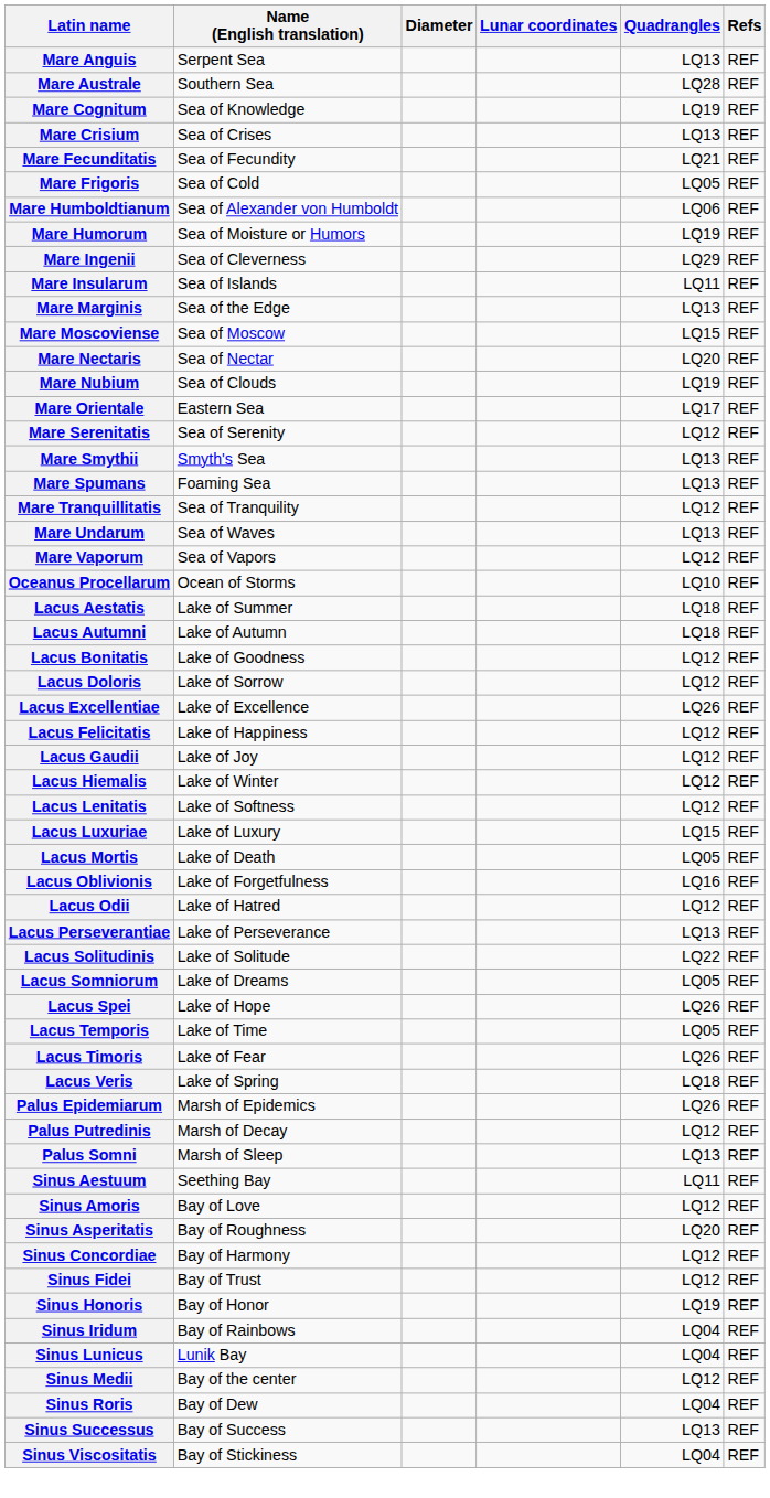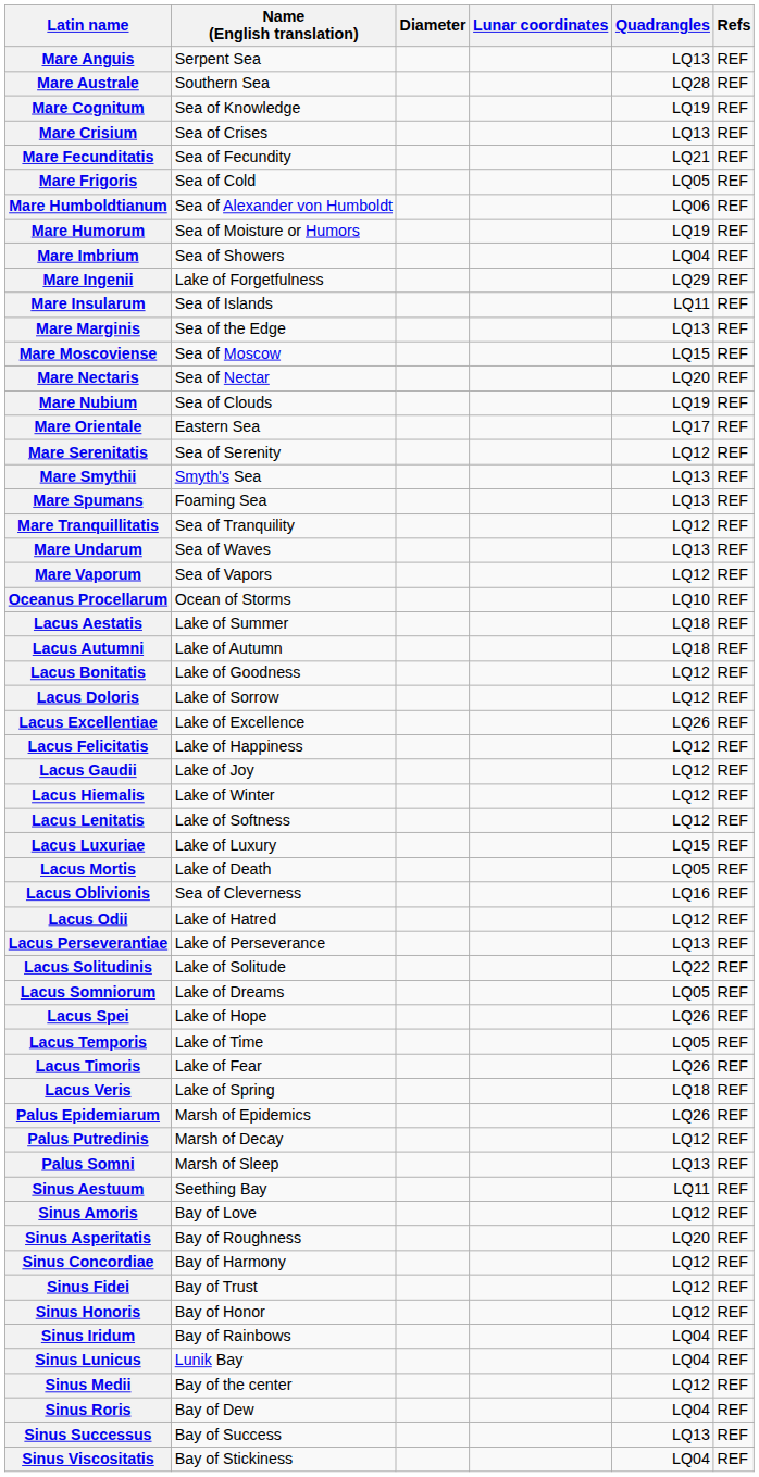 <table class="wikitable sortable" id="Table of Lunar maria & oceanus" caption="Tabulated list of ">
 <tr>
 <th scope="col"><a href='#'>Latin name</a></th>
 <th scope="col">Name<br>(English translation)</th>
 <th scope="col">Diameter</th>
 <th scope="col" class="unsortable"><a href='#'>Lunar coordinates</a></th>
 <th scope="col" style="width: 50px;"><a href='#'>Quadrangles</a></th>
 <th scope="col" class="unsortable">Refs</th>
 </tr>
 <tr>
 <th scope="row" align="left"><a href='#'>Mare Anguis</a></th>
 <td>Serpent Sea</td>
 <td align=right></td>
 <td align=right></td>
 <td data-sort-value="13" align=right>LQ13</td>
 <td align=left>REF</td>
 </tr>
 <tr>
 <th scope="row" align="left"><a href='#'>Mare Australe</a></th>
 <td>Southern Sea</td>
 <td align=right></td>
 <td align=right></td>
 <td data-sort-value="28" align=right>LQ28</td>
 <td align=left>REF</td>
 </tr>
 <tr>
 <th scope="row" align="left"><a href='#'>Mare Cognitum</a></th>
 <td>Sea of Knowledge</td>
 <td align=right></td>
 <td align=right></td>
 <td data-sort-value="19" align=right>LQ19</td>
 <td align=left>REF</td>
 </tr>
 <tr>
 <th scope="row" align="left"><a href='#'>Mare Crisium</a></th>
 <td>Sea of Crises</td>
 <td align=right></td>
 <td align=right></td>
 <td data-sort-value="13" align=right>LQ13</td>
 <td align=left>REF</td>
 </tr>
 <tr>
 <th scope="row" align="left"><a href='#'>Mare Fecunditatis</a></th>
 <td>Sea of Fecundity</td>
 <td align=right></td>
 <td align=right></td>
 <td data-sort-value="21" align=right>LQ21</td>
 <td align=left>REF</td>
 </tr>
 <tr>
 <th scope="row" align="left"><a href='#'>Mare Frigoris</a></th>
 <td>Sea of Cold</td>
 <td align=right></td>
 <td align=right></td>
 <td data-sort-value="05" align=right>LQ05</td>
 <td align=left>REF</td>
 </tr>
 <tr>
 <th scope="row" align="left"><a href='#'>Mare Humboldtianum</a></th>
 <td>Sea of <a href='#'>Alexander von Humboldt</a></td>
 <td align=right></td>
 <td align=right></td>
 <td data-sort-value="06" align=right>LQ06</td>
 <td align=left>REF</td>
 </tr>
 <tr>
 <th scope="row" align="left"><a href='#'>Mare Humorum</a></th>
 <td>Sea of Moisture or <a href='#'>Humors</a></td>
 <td align=right></td>
 <td align=right></td>
 <td data-sort-value="19" align=right>LQ19</td>
 <td align=left>REF</td>
 </tr>
 <tr>
+<th scope="row" align="left"><a href='#'>Mare Imbrium</a></th>
+<td>Sea of Showers</td>
+<td align=right></td>
+<td align=right></td>
+<td data-sort-value="04" align=right>LQ04</td>
+<td align=left>REF</td>
+</tr>
+<tr>
 <th scope="row" align="left"><a href='#'>Mare Ingenii</a></th>
-<td>Sea of Cleverness</td>
+<td>Lake of Forgetfulness</td>
 <td align=right></td>
 <td align=right></td>
 <td data-sort-value="29" align=right>LQ29</td>
 <td align=left>REF</td>
 </tr>
 <tr>
 <th scope="row" align="left"><a href='#'>Mare Insularum</a></th>
 <td>Sea of Islands</td>
 <td align=right></td>
 <td align=right></td>
 <td data-sort-value="11" align=right>LQ11</td>
 <td align=left>REF</td>
 </tr>
 <tr>
 <th scope="row" align="left"><a href='#'>Mare Marginis</a></th>
 <td>Sea of the Edge</td>
 <td align=right></td>
 <td align=right></td>
 <td data-sort-value="13" align=right>LQ13</td>
 <td align=left>REF</td>
 </tr>
 <tr>
 <th scope="row" align="left"><a href='#'>Mare Moscoviense</a></th>
 <td>Sea of <a href='#'>Moscow</a></td>
 <td align=right></td>
 <td align=right></td>
 <td data-sort-value="15" align=right>LQ15</td>
 <td align=left>REF</td>
 </tr>
 <tr>
 <th scope="row" align="left"><a href='#'>Mare Nectaris</a></th>
 <td>Sea of <a href='#'>Nectar</a></td>
 <td align=right></td>
 <td align=right></td>
 <td data-sort-value="20" align=right>LQ20</td>
 <td align=left>REF</td>
 </tr>
 <tr>
 <th scope="row" align="left"><a href='#'>Mare Nubium</a></th>
 <td>Sea of Clouds</td>
 <td align=right></td>
 <td align=right></td>
 <td data-sort-value="19" align=right>LQ19</td>
 <td align=left>REF</td>
 </tr>
 <tr>
 <th scope="row" align="left"><a href='#'>Mare Orientale</a></th>
 <td>Eastern Sea</td>
 <td align=right></td>
 <td align=right></td>
 <td data-sort-value="17" align=right>LQ17</td>
 <td align=left>REF</td>
 </tr>
 <tr>
 <th scope="row" align="left"><a href='#'>Mare Serenitatis</a></th>
 <td>Sea of Serenity</td>
 <td align=right></td>
 <td align=right></td>
 <td data-sort-value="12" align=right>LQ12</td>
 <td align=left>REF</td>
 </tr>
 <tr>
 <th scope="row" align="left"><a href='#'>Mare Smythii</a></th>
 <td><a href='#'>Smyth's</a> Sea</td>
 <td align=right></td>
 <td align=right></td>
 <td data-sort-value="13" align=right>LQ13</td>
 <td align=left>REF</td>
 </tr>
 <tr>
 <th scope="row" align="left"><a href='#'>Mare Spumans</a></th>
 <td>Foaming Sea</td>
 <td align=right></td>
 <td align=right></td>
 <td data-sort-value="13" align=right>LQ13</td>
 <td align=left>REF</td>
 </tr>
 <tr>
 <th scope="row" align="left"><a href='#'>Mare Tranquillitatis</a></th>
 <td>Sea of Tranquility</td>
 <td align=right></td>
 <td align=right></td>
 <td data-sort-value="12" align=right>LQ12</td>
 <td align=left>REF</td>
 </tr>
 <tr>
 <th scope="row" align="left"><a href='#'>Mare Undarum</a></th>
 <td>Sea of Waves</td>
 <td align=right></td>
 <td align=right></td>
 <td data-sort-value="13" align=right>LQ13</td>
 <td align=left>REF</td>
 </tr>
 <tr>
 <th scope="row" align="left"><a href='#'>Mare Vaporum</a></th>
 <td>Sea of Vapors</td>
 <td align=right></td>
 <td align=right></td>
 <td data-sort-value="12" align=right>LQ12</td>
 <td align=left>REF</td>
 </tr>
 <tr>
 <th scope="row" align="left"><a href='#'>Oceanus Procellarum</a></th>
 <td>Ocean of Storms</td>
 <td align=right></td>
 <td align=right></td>
 <td data-sort-value="10" align=right>LQ10</td>
 <td align=left>REF</td>
 </tr>
 <tr>
 <th scope="row" align="left"><a href='#'>Lacus Aestatis</a></th>
 <td>Lake of Summer</td>
 <td align=right></td>
 <td align=right></td>
 <td data-sort-value="18" align=right>LQ18</td>
 <td align=left>REF</td>
 </tr>
 <tr>
 <th scope="row" align="left"><a href='#'>Lacus Autumni</a></th>
 <td>Lake of Autumn</td>
 <td align=right></td>
 <td align=right></td>
 <td data-sort-value="18" align=right>LQ18</td>
 <td align=left>REF</td>
 </tr>
 <tr>
 <th scope="row" align="left"><a href='#'>Lacus Bonitatis</a></th>
 <td>Lake of Goodness</td>
 <td align=right></td>
 <td align=right></td>
 <td data-sort-value="12" align=right>LQ12</td>
 <td align=left>REF</td>
 </tr>
 <tr>
 <th scope="row" align="left"><a href='#'>Lacus Doloris</a></th>
 <td>Lake of Sorrow</td>
 <td align=right></td>
 <td align=right></td>
 <td data-sort-value="12" align=right>LQ12</td>
 <td align=left>REF</td>
 </tr>
 <tr>
 <th scope="row" align="left"><a href='#'>Lacus Excellentiae</a></th>
 <td>Lake of Excellence</td>
 <td align=right></td>
 <td align=right></td>
 <td data-sort-value="26" align=right>LQ26</td>
 <td align=left>REF</td>
 </tr>
 <tr>
 <th scope="row" align="left"><a href='#'>Lacus Felicitatis</a></th>
 <td>Lake of Happiness</td>
 <td align=right></td>
 <td align=right></td>
 <td data-sort-value="12" align=right>LQ12</td>
 <td align=left>REF</td>
 </tr>
 <tr>
 <th scope="row" align="left"><a href='#'>Lacus Gaudii</a></th>
 <td>Lake of Joy</td>
 <td align=right></td>
 <td align=right></td>
 <td data-sort-value="12" align=right>LQ12</td>
 <td align=left>REF</td>
 </tr>
 <tr>
 <th scope="row" align="left"><a href='#'>Lacus Hiemalis</a></th>
 <td>Lake of Winter</td>
 <td align=right></td>
 <td align=right></td>
 <td data-sort-value="12" align=right>LQ12</td>
 <td align=left>REF</td>
 </tr>
 <tr>
 <th scope="row" align="left"><a href='#'>Lacus Lenitatis</a></th>
 <td>Lake of Softness</td>
 <td align=right></td>
 <td align=right></td>
 <td data-sort-value="12" align=right>LQ12</td>
 <td align=left>REF</td>
 </tr>
 <tr>
 <th scope="row" align="left"><a href='#'>Lacus Luxuriae</a></th>
 <td>Lake of Luxury</td>
 <td align=right></td>
 <td align=right></td>
 <td data-sort-value="15" align=right>LQ15</td>
 <td align=left>REF</td>
 </tr>
 <tr>
 <th scope="row" align="left"><a href='#'>Lacus Mortis</a></th>
 <td>Lake of Death</td>
 <td align=right></td>
 <td align=right></td>
 <td data-sort-value="05" align=right>LQ05</td>
 <td align=left>REF</td>
 </tr>
 <tr>
 <th scope="row" align="left"><a href='#'>Lacus Oblivionis</a></th>
-<td>Lake of Forgetfulness</td>
+<td>Sea of Cleverness</td>
 <td align=right></td>
 <td align=right></td>
 <td data-sort-value="16" align=right>LQ16</td>
 <td align=left>REF</td>
 </tr>
 <tr>
 <th scope="row" align="left"><a href='#'>Lacus Odii</a></th>
 <td>Lake of Hatred</td>
 <td align=right></td>
 <td align=right></td>
 <td data-sort-value="12" align=right>LQ12</td>
 <td align=left>REF</td>
 </tr>
 <tr>
 <th scope="row" align="left"><a href='#'>Lacus Perseverantiae</a></th>
 <td>Lake of Perseverance</td>
 <td align=right></td>
 <td align=right></td>
 <td data-sort-value="13" align=right>LQ13</td>
 <td align=left>REF</td>
 </tr>
 <tr>
 <th scope="row" align="left"><a href='#'>Lacus Solitudinis</a></th>
 <td>Lake of Solitude</td>
 <td align=right></td>
 <td align=right></td>
 <td data-sort-value="22" align=right>LQ22</td>
 <td align=left>REF</td>
 </tr>
 <tr>
 <th scope="row" align="left"><a href='#'>Lacus Somniorum</a></th>
 <td>Lake of Dreams</td>
 <td align=right></td>
 <td align=right></td>
 <td data-sort-value="05" align=right>LQ05</td>
 <td align=left>REF</td>
 </tr>
 <tr>
 <th scope="row" align="left"><a href='#'>Lacus Spei</a></th>
 <td>Lake of Hope</td>
 <td align=right></td>
 <td align=right></td>
 <td data-sort-value="26" align=right>LQ26</td>
 <td align=left>REF</td>
 </tr>
 <tr>
 <th scope="row" align="left"><a href='#'>Lacus Temporis</a></th>
 <td>Lake of Time</td>
 <td align=right></td>
 <td align=right></td>
 <td data-sort-value="05" align=right>LQ05</td>
 <td align=left>REF</td>
 </tr>
 <tr>
 <th scope="row" align="left"><a href='#'>Lacus Timoris</a></th>
 <td>Lake of Fear</td>
 <td align=right></td>
 <td align=right></td>
 <td data-sort-value="26" align=right>LQ26</td>
 <td align=left>REF</td>
 </tr>
 <tr>
 <th scope="row" align="left"><a href='#'>Lacus Veris</a></th>
 <td>Lake of Spring</td>
 <td align=right></td>
 <td align=right></td>
 <td data-sort-value="18" align=right>LQ18</td>
 <td align=left>REF</td>
 </tr>
 <tr>
 <th scope="row" align="left"><a href='#'>Palus Epidemiarum</a></th>
 <td>Marsh of Epidemics</td>
 <td align=right></td>
 <td align=right></td>
 <td data-sort-value="26" align=right>LQ26</td>
 <td align=left>REF</td>
 </tr>
 <tr>
 <th scope="row" align="left"><a href='#'>Palus Putredinis</a></th>
 <td>Marsh of Decay</td>
 <td align=right></td>
 <td align=right></td>
 <td data-sort-value="12" align=right>LQ12</td>
 <td align=left>REF</td>
 </tr>
 <tr>
 <th scope="row" align="left"><a href='#'>Palus Somni</a></th>
 <td>Marsh of Sleep</td>
 <td align=right></td>
 <td align=right></td>
 <td data-sort-value="13" align=right>LQ13</td>
 <td align=left>REF</td>
 </tr>
 <tr>
 <th scope="row" align="left"><a href='#'>Sinus Aestuum</a></th>
 <td>Seething Bay</td>
 <td align=right></td>
 <td align=right></td>
 <td data-sort-value="11" align=right>LQ11</td>
 <td align=left>REF</td>
 </tr>
 <tr>
 <th scope="row" align="left"><a href='#'>Sinus Amoris</a></th>
 <td>Bay of Love</td>
 <td align=right></td>
 <td align=right></td>
 <td data-sort-value="12" align=right>LQ12</td>
 <td align=left>REF</td>
 </tr>
 <tr>
 <th scope="row" align="left"><a href='#'>Sinus Asperitatis</a></th>
 <td>Bay of Roughness</td>
 <td align=right></td>
 <td align=right></td>
 <td data-sort-value="20" align=right>LQ20</td>
 <td align=left>REF</td>
 </tr>
 <tr>
 <th scope="row" align="left"><a href='#'>Sinus Concordiae</a></th>
 <td>Bay of Harmony</td>
 <td align=right></td>
 <td align=right></td>
 <td data-sort-value="12" align=right>LQ12</td>
 <td align=left>REF</td>
 </tr>
 <tr>
 <th scope="row" align="left"><a href='#'>Sinus Fidei</a></th>
 <td>Bay of Trust</td>
 <td align=right></td>
 <td align=right></td>
 <td data-sort-value="12" align=right>LQ12</td>
 <td align=left>REF</td>
 </tr>
 <tr>
 <th scope="row" align="left"><a href='#'>Sinus Honoris</a></th>
 <td>Bay of Honor</td>
 <td align=right></td>
 <td align=right></td>
-<td data-sort-value="19" align=right>LQ19</td>
+<td data-sort-value="12" align=right>LQ12</td>
 <td align=left>REF</td>
 </tr>
 <tr>
 <th scope="row" align="left"><a href='#'>Sinus Iridum</a></th>
 <td>Bay of Rainbows</td>
 <td align=right></td>
 <td align=right></td>
 <td data-sort-value="04" align=right>LQ04</td>
 <td align=left>REF</td>
 </tr>
 <tr>
 <th scope="row" align="left"><a href='#'>Sinus Lunicus</a></th>
 <td><a href='#'>Lunik</a> Bay</td>
 <td align=right></td>
 <td align=right></td>
 <td data-sort-value="04" align=right>LQ04</td>
 <td align=left>REF</td>
 </tr>
 <tr>
 <th scope="row" align="left"><a href='#'>Sinus Medii</a></th>
 <td>Bay of the center</td>
 <td align=right></td>
 <td align=right></td>
 <td data-sort-value="12" align=right>LQ12</td>
 <td align=left>REF</td>
 </tr>
 <tr>
 <th scope="row" align="left"><a href='#'>Sinus Roris</a></th>
 <td>Bay of Dew</td>
 <td align=right></td>
 <td align=right></td>
 <td data-sort-value="04" align=right>LQ04</td>
 <td align=left>REF</td>
 </tr>
 <tr>
 <th scope="row" align="left"><a href='#'>Sinus Successus</a></th>
 <td>Bay of Success</td>
 <td align=right></td>
 <td align=right></td>
 <td data-sort-value="13" align=right>LQ13</td>
 <td align=left>REF</td>
 </tr>
 <tr>
 <th scope="row" align="left"><a href='#'>Sinus Viscositatis</a></th>
 <td>Bay of Stickiness</td>
 <td align=right></td>
 <td align=right></td>
 <td data-sort-value="04" align=right>LQ04</td>
 <td align=left>REF</td>
 </tr>
 </table>
